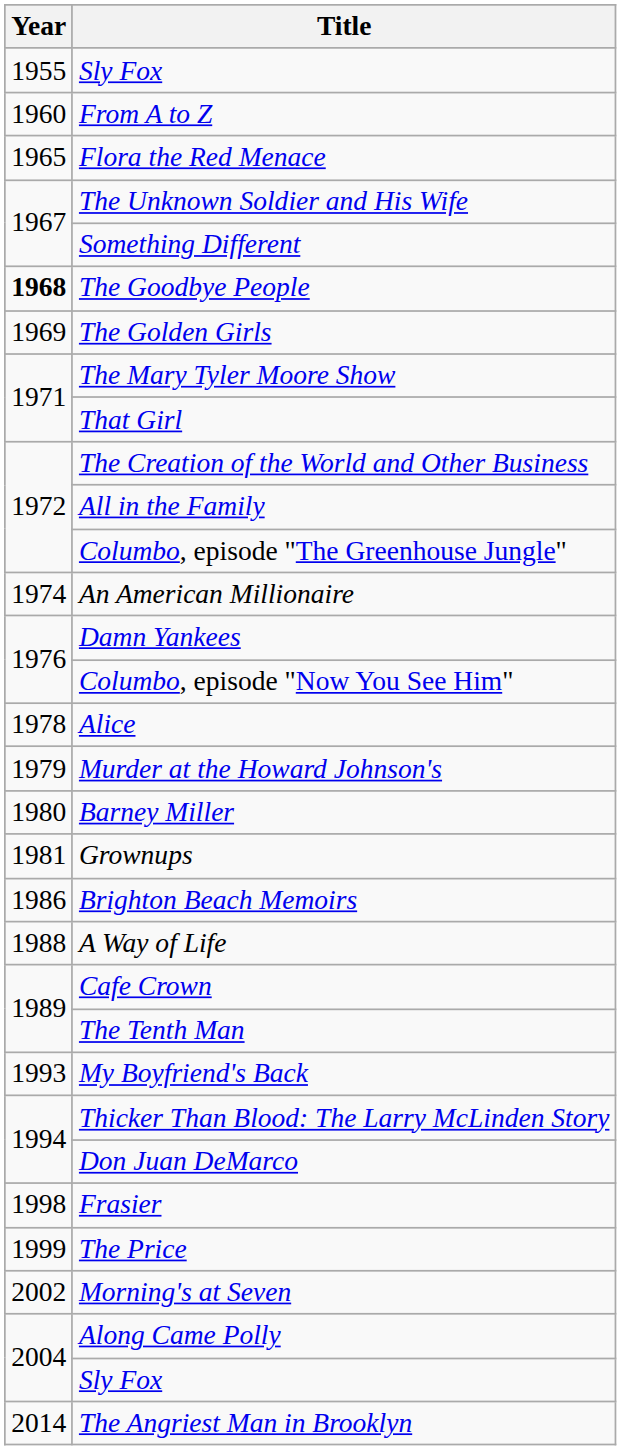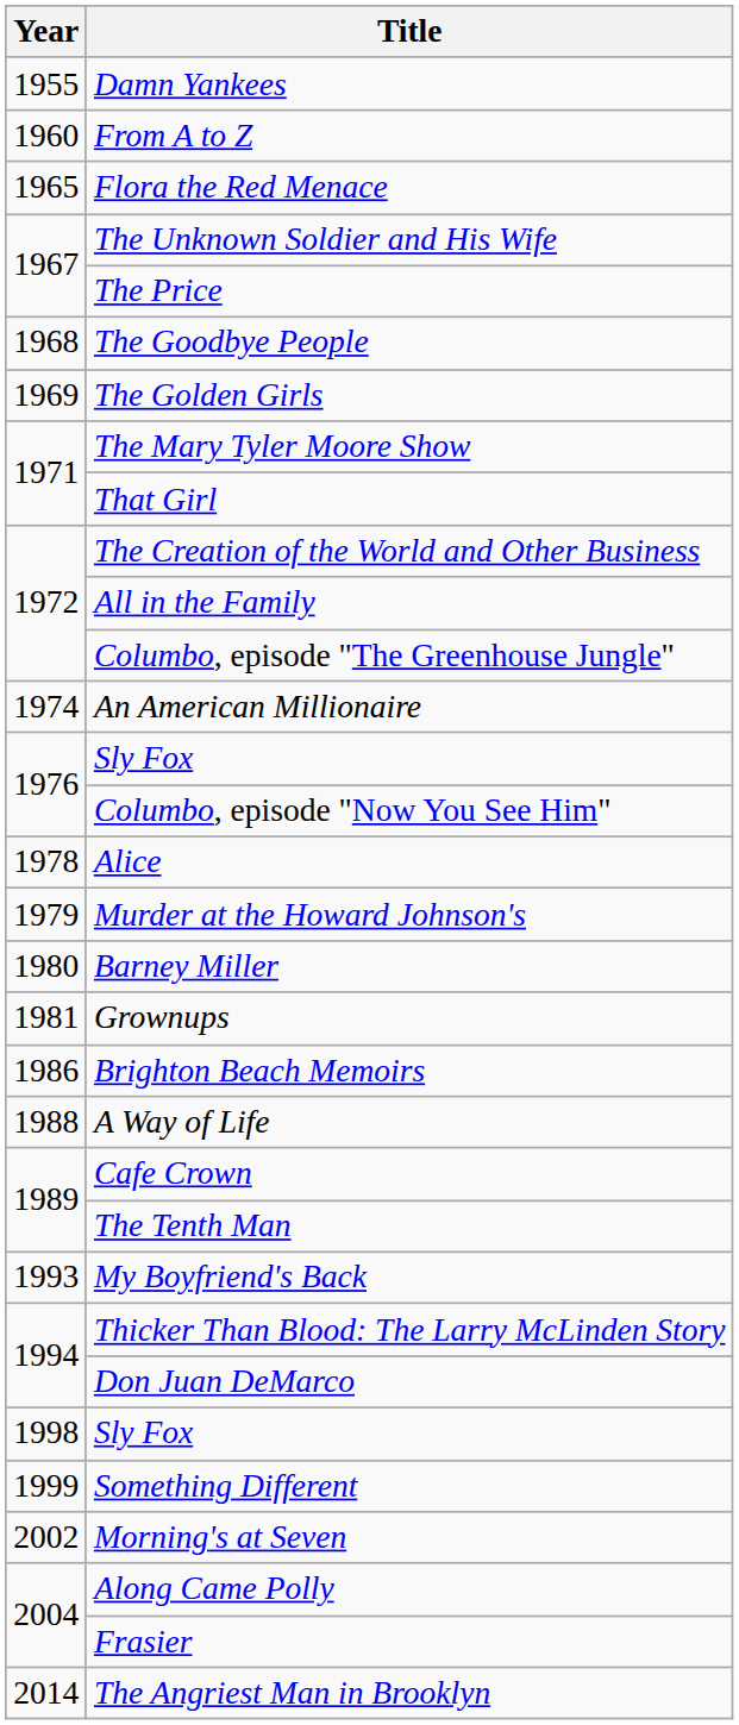 <table class=wikitable>
 <tr>
 <th>Year</th>
 <th>Title</th>
 </tr>
 <tr>
 <td>1955</td>
-<td><em><a href='#'>Sly Fox</a></em></td>
+<td><em><a href='#'>Damn Yankees</a></em></td>
 </tr>
 <tr>
 <td>1960</td>
 <td><em><a href='#'>From A to Z</a></em></td>
 </tr>
 <tr>
 <td>1965</td>
 <td><em><a href='#'>Flora the Red Menace</a></em></td>
 </tr>
 <tr>
 <td rowspan=2>1967</td>
 <td><em><a href='#'>The Unknown Soldier and His Wife</a></em></td>
 </tr>
 <tr>
-<td><em><a href='#'>Something Different</a></em></td>
+<td><em><a href='#'>The Price</a></em></td>
 </tr>
 <tr>
-<td><strong>1968</strong></td>
+<td>1968</td>
 <td><em><a href='#'>The Goodbye People</a></em></td>
 </tr>
 <tr>
 <td>1969</td>
 <td><em><a href='#'>The Golden Girls</a></em></td>
 </tr>
 <tr>
 <td rowspan=2>1971</td>
 <td><em><a href='#'>The Mary Tyler Moore Show</a></em></td>
 </tr>
 <tr>
 <td><em><a href='#'>That Girl</a></em></td>
 </tr>
 <tr>
 <td rowspan=3>1972</td>
 <td><em><a href='#'>The Creation of the World and Other Business</a></em></td>
 </tr>
 <tr>
 <td><em><a href='#'>All in the Family</a></em></td>
 </tr>
 <tr>
 <td><em><a href='#'>Columbo</a></em>, episode "<a href='#'>The Greenhouse Jungle</a>"</td>
 </tr>
 <tr>
 <td>1974</td>
 <td><em>An American Millionaire</em></td>
 </tr>
 <tr>
 <td rowspan=2>1976</td>
-<td><em><a href='#'>Damn Yankees</a></em></td>
+<td><em><a href='#'>Sly Fox</a></em></td>
 </tr>
 <tr>
 <td><em><a href='#'>Columbo</a></em>, episode "<a href='#'>Now You See Him</a>"</td>
 </tr>
 <tr>
 <td>1978</td>
 <td><em><a href='#'>Alice</a></em></td>
 </tr>
 <tr>
 <td>1979</td>
 <td><em><a href='#'>Murder at the Howard Johnson's</a></em></td>
 </tr>
 <tr>
 <td>1980</td>
 <td><em><a href='#'>Barney Miller</a></em></td>
 </tr>
 <tr>
 <td>1981</td>
 <td><em>Grownups</em></td>
 </tr>
 <tr>
 <td>1986</td>
 <td><em><a href='#'>Brighton Beach Memoirs</a></em></td>
 </tr>
 <tr>
 <td>1988</td>
 <td><em>A Way of Life</em></td>
 </tr>
 <tr>
 <td rowspan=2>1989</td>
 <td><em><a href='#'>Cafe Crown</a></em></td>
 </tr>
 <tr>
 <td><em><a href='#'>The Tenth Man</a></em></td>
 </tr>
 <tr>
 <td>1993</td>
 <td><em><a href='#'>My Boyfriend's Back</a></em></td>
 </tr>
 <tr>
 <td rowspan=2>1994</td>
 <td><em><a href='#'>Thicker Than Blood: The Larry McLinden Story</a></em></td>
 </tr>
 <tr>
 <td><em><a href='#'>Don Juan DeMarco</a></em></td>
 </tr>
 <tr>
 <td>1998</td>
-<td><em><a href='#'>Frasier</a></em></td>
+<td><em><a href='#'>Sly Fox</a></em></td>
 </tr>
 <tr>
 <td>1999</td>
-<td><em><a href='#'>The Price</a></em></td>
+<td><em><a href='#'>Something Different</a></em></td>
 </tr>
 <tr>
 <td>2002</td>
 <td><em><a href='#'>Morning's at Seven</a></em></td>
 </tr>
 <tr>
 <td rowspan=2>2004</td>
 <td><em><a href='#'>Along Came Polly</a></em></td>
 </tr>
 <tr>
-<td><em><a href='#'>Sly Fox</a></em></td>
+<td><em><a href='#'>Frasier</a></em></td>
 </tr>
 <tr>
 <td>2014</td>
 <td><em><a href='#'>The Angriest Man in Brooklyn</a></em></td>
 </tr>
 </table>
